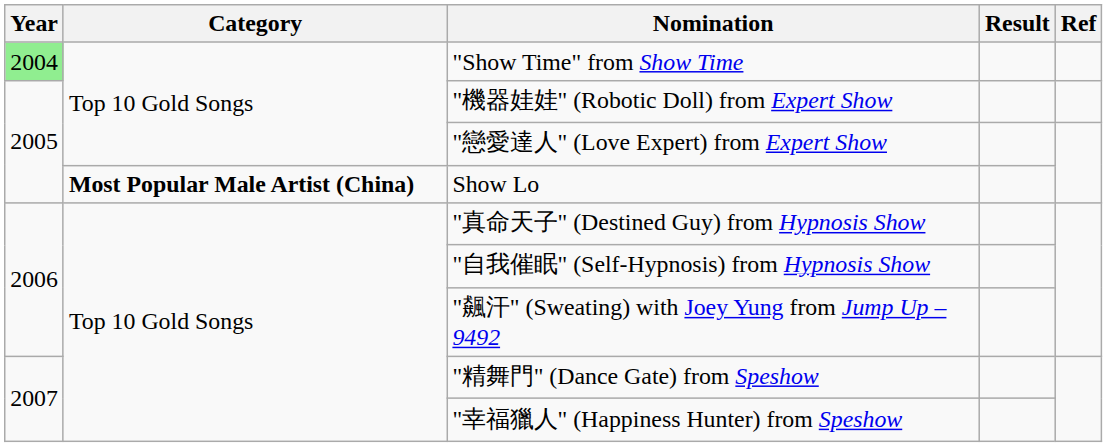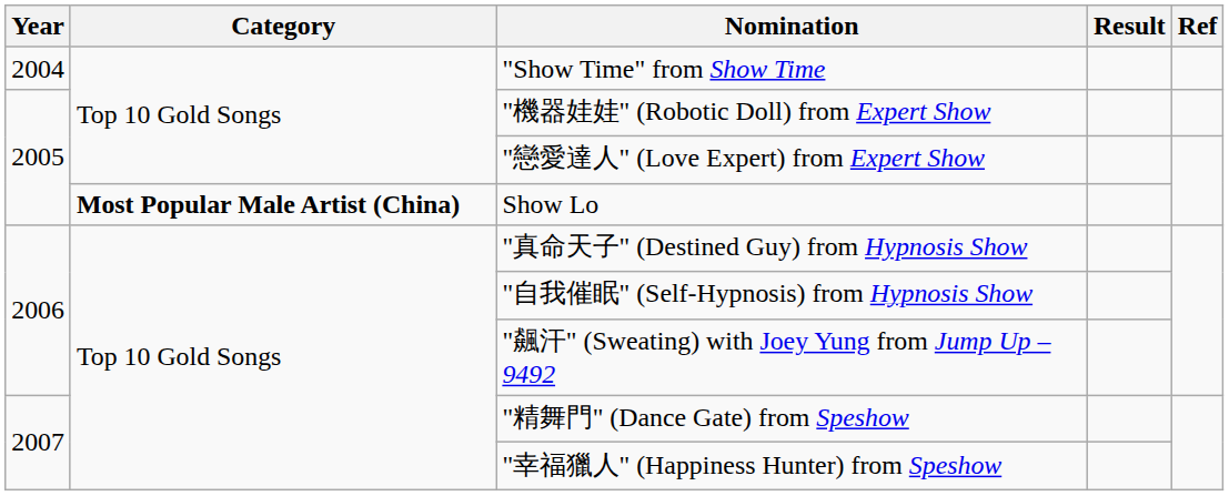 <table class="wikitable">
 <tr>
 <th>Year</th>
 <th width="250">Category</th>
 <th width="350">Nomination</th>
 <th>Result</th>
 <th>Ref</th>
 </tr>
 <tr>
-<td style="background: lightgreen;">2004</td>
+<td>2004</td>
 <td rowspan=3>Top 10 Gold Songs</td>
 <td>"Show Time" from <em><a href='#'>Show Time</a></em></td>
 <td></td>
 <td align="center"></td>
 </tr>
 <tr>
 <td rowspan=3>2005</td>
 <td>"機器娃娃" (Robotic Doll) from <em><a href='#'>Expert Show</a></em></td>
 <td></td>
 <td align="center"></td>
 </tr>
 <tr>
 <td>"戀愛達人" (Love Expert) from <em><a href='#'>Expert Show</a></em></td>
 <td></td>
 <td rowspan=2 align="center"></td>
 </tr>
 <tr>
 <td><strong>Most Popular Male Artist (China)</strong></td>
 <td>Show Lo</td>
 <td></td>
 </tr>
 <tr>
 <td rowspan=3>2006</td>
 <td rowspan=5>Top 10 Gold Songs</td>
 <td>"真命天子" (Destined Guy)  from <em><a href='#'>Hypnosis Show</a></em></td>
 <td></td>
 <td rowspan=3 align="center"></td>
 </tr>
 <tr>
 <td>"自我催眠" (Self-Hypnosis)  from <em><a href='#'>Hypnosis Show</a></em></td>
 <td></td>
 </tr>
 <tr>
 <td>"飆汗" (Sweating) with <a href='#'>Joey Yung</a> from <em><a href='#'>Jump Up – 9492</a></em></td>
 <td></td>
 </tr>
 <tr>
 <td rowspan=2>2007</td>
 <td>"精舞門" (Dance Gate) from <em><a href='#'>Speshow</a></em></td>
 <td></td>
 <td rowspan=2 align="center"></td>
 </tr>
 <tr>
 <td>"幸福獵人" (Happiness Hunter) from <em><a href='#'>Speshow</a></em></td>
 <td></td>
 </tr>
 </table>
